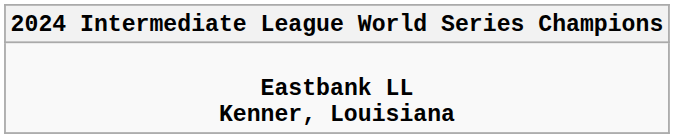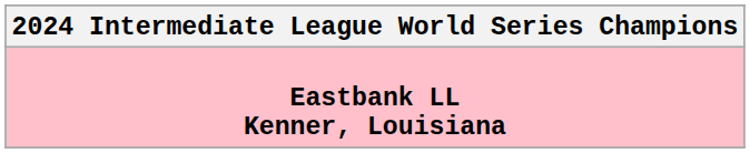 <table class="wikitable" style="text-align: center; margin: 0 auto;">
 <tr>
 <th>2024 Intermediate League World Series Champions</th>
 </tr>
 <tr>
-<td><br><strong>Eastbank LL</strong><br><strong>Kenner, Louisiana</strong></td>
+<td style="background: pink;"><br><strong>Eastbank LL</strong><br><strong>Kenner, Louisiana</strong></td>
 </tr>
 </table>
